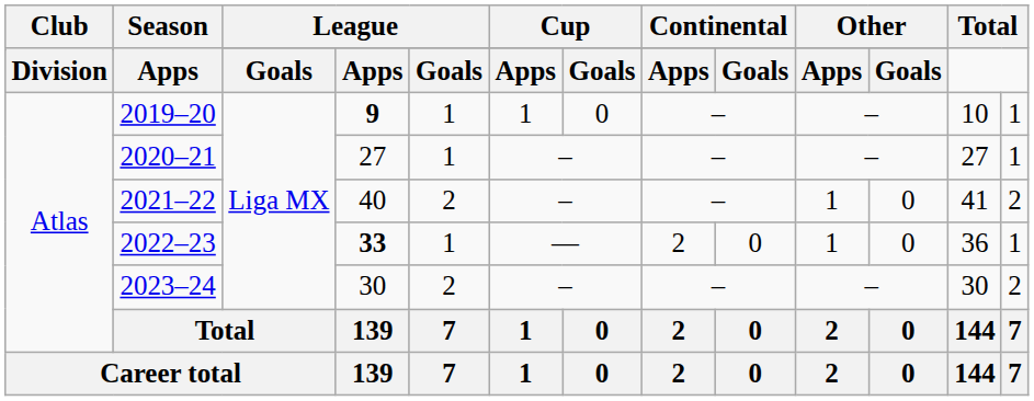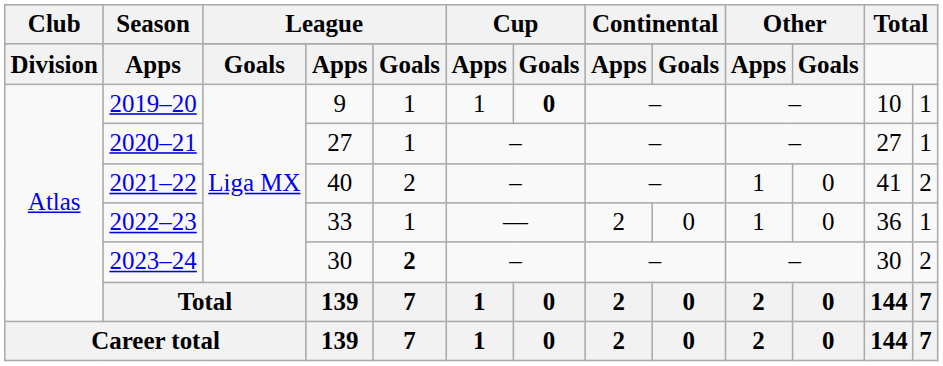 <table class=wikitable style=text-align:center>
 <tr>
 <th rowspan=2>Club</th>
 <th rowspan=2>Season</th>
 <th colspan=3>League</th>
 <th colspan=2>Cup</th>
 <th colspan=2>Continental</th>
 <th colspan=2>Other</th>
 <th colspan=2>Total</th>
 </tr>
 <tr>
 </tr>
 <tr>
 <th>Division</th>
 <th>Apps</th>
 <th>Goals</th>
 <th>Apps</th>
 <th>Goals</th>
 <th>Apps</th>
 <th>Goals</th>
 <th>Apps</th>
 <th>Goals</th>
 <th>Apps</th>
 <th>Goals</th>
 </tr>
 <tr>
 <td rowspan="6"><a href='#'>Atlas</a></td>
 <td><a href='#'>2019–20</a></td>
 <td rowspan="5"><a href='#'>Liga MX</a></td>
-<td><strong>9</strong></td>
+<td>9</td>
 <td>1</td>
 <td>1</td>
-<td>0</td>
+<td><strong>0</strong></td>
 <td colspan="2">–</td>
 <td colspan="2">–</td>
 <td>10</td>
 <td>1</td>
 </tr>
 <tr>
 <td><a href='#'>2020–21</a></td>
 <td>27</td>
 <td>1</td>
 <td colspan="2">–</td>
 <td colspan="2">–</td>
 <td colspan="2">–</td>
 <td>27</td>
 <td>1</td>
 </tr>
 <tr>
 <td><a href='#'>2021–22</a></td>
 <td>40</td>
 <td>2</td>
 <td colspan="2">–</td>
 <td colspan="2">–</td>
 <td>1</td>
 <td>0</td>
 <td>41</td>
 <td>2</td>
 </tr>
 <tr>
 <td><a href='#'>2022–23</a></td>
-<td><strong>33</strong></td>
+<td>33</td>
 <td>1</td>
 <td colspan=2>—</td>
 <td>2</td>
 <td>0</td>
 <td>1</td>
 <td>0</td>
 <td>36</td>
 <td>1</td>
 </tr>
 <tr>
 <td><a href='#'>2023–24</a></td>
 <td>30</td>
-<td>2</td>
+<td><strong>2</strong></td>
 <td colspan="2">–</td>
 <td colspan="2">–</td>
 <td colspan="2">–</td>
 <td>30</td>
 <td>2</td>
 </tr>
 <tr>
 <th colspan="2">Total</th>
 <th>139</th>
 <th>7</th>
 <th>1</th>
 <th>0</th>
 <th>2</th>
 <th>0</th>
 <th>2</th>
 <th>0</th>
 <th>144</th>
 <th>7</th>
 </tr>
 <tr>
 <th colspan=3>Career total</th>
 <th>139</th>
 <th>7</th>
 <th>1</th>
 <th>0</th>
 <th>2</th>
 <th>0</th>
 <th>2</th>
 <th>0</th>
 <th>144</th>
 <th>7</th>
 </tr>
 </table>
